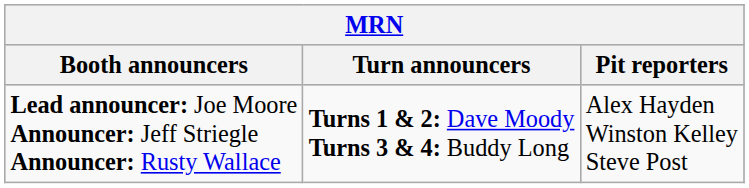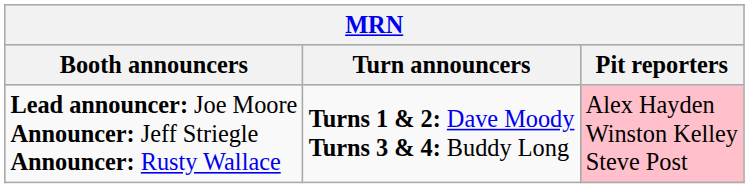 <table class="wikitable" style="font-size: 95%">
 <tr>
 <th colspan="3"><a href='#'>MRN</a></th>
 </tr>
 <tr>
 <th>Booth announcers</th>
 <th>Turn announcers</th>
 <th>Pit reporters</th>
 </tr>
 <tr>
 <td><strong>Lead announcer:</strong> Joe Moore<br><strong>Announcer:</strong> Jeff Striegle<br><strong>Announcer:</strong> <a href='#'>Rusty Wallace</a></td>
 <td><strong>Turns 1 & 2:</strong> <a href='#'>Dave Moody</a><br><strong>Turns 3 & 4:</strong> Buddy Long</td>
-<td>Alex Hayden<br>Winston Kelley<br>Steve Post</td>
+<td style="background: pink;">Alex Hayden<br>Winston Kelley<br>Steve Post</td>
 </tr>
 </table>
